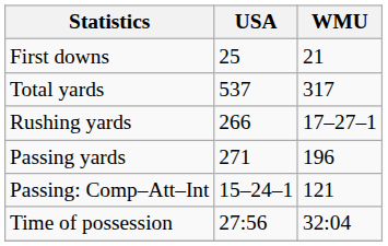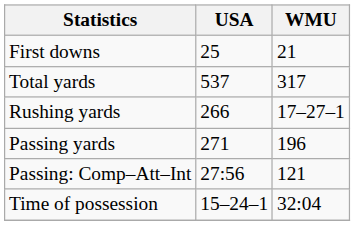 <table class="wikitable" style="float: left;">
 <tr>
 <th>Statistics</th>
 <th>USA</th>
 <th>WMU</th>
 </tr>
 <tr>
 <td>First downs</td>
 <td>25</td>
 <td>21</td>
 </tr>
 <tr>
 <td>Total yards</td>
 <td>537</td>
 <td>317</td>
 </tr>
 <tr>
 <td>Rushing yards</td>
 <td>266</td>
 <td>17–27–1</td>
 </tr>
 <tr>
 <td>Passing yards</td>
 <td>271</td>
 <td>196</td>
 </tr>
 <tr>
 <td>Passing: Comp–Att–Int</td>
-<td>15–24–1</td>
+<td>27:56</td>
 <td>121</td>
 </tr>
 <tr>
 <td>Time of possession</td>
-<td>27:56</td>
+<td>15–24–1</td>
 <td>32:04</td>
 </tr>
 <tr>
 </tr>
 </table>
